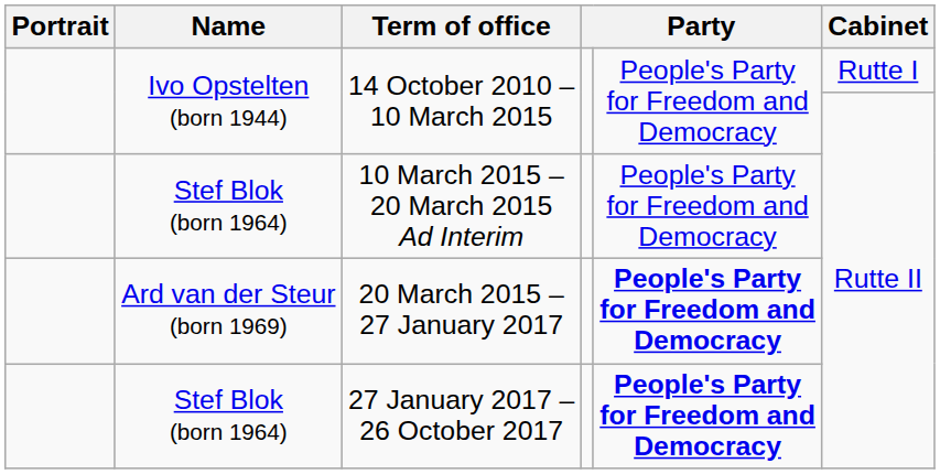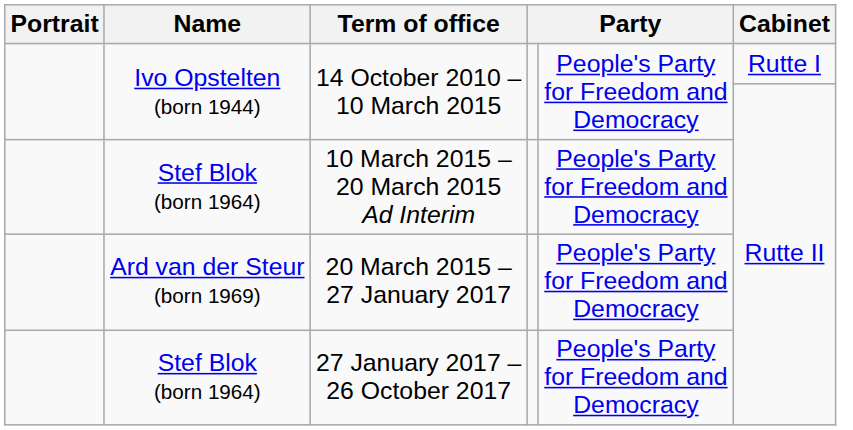 <table class="wikitable" style="text-align:center">
 <tr>
 <th>Portrait</th>
 <th>Name</th>
 <th>Term of office</th>
 <th colspan=2>Party</th>
 <th>Cabinet</th>
 </tr>
 <tr>
 <td rowspan=2></td>
 <td rowspan=2><a href='#'>Ivo Opstelten</a> <br> <small>(born 1944)</small></td>
 <td rowspan=2>14 October 2010 – <br> 10 March 2015</td>
 <td rowspan=2 style="background:"></td>
 <td rowspan=2><a href='#'>People's Party <br> for Freedom and <br> Democracy</a></td>
 <td><a href='#'>Rutte I</a> <br></td>
 </tr>
 <tr>
 <td rowspan=4><a href='#'>Rutte II</a> <br></td>
 </tr>
 <tr>
 <td></td>
 <td><a href='#'>Stef Blok</a> <br> <small>(born 1964)</small></td>
 <td>10 March 2015 – <br> 20 March 2015 <br> <em>Ad Interim</em></td>
 <td style="background:"></td>
 <td><a href='#'>People's Party <br> for Freedom and <br> Democracy</a></td>
 </tr>
 <tr>
 <td></td>
 <td><a href='#'>Ard van der Steur</a> <br> <small>(born 1969)</small></td>
 <td>20 March 2015 – <br> 27 January 2017</td>
 <td style="background:"></td>
-<td><strong><a href='#'>People's Party <br> for Freedom and <br> Democracy</a></strong></td>
+<td><a href='#'>People's Party <br> for Freedom and <br> Democracy</a></td>
 </tr>
 <tr>
 <td></td>
 <td><a href='#'>Stef Blok</a> <br> <small>(born 1964)</small></td>
 <td>27 January 2017 – <br> 26 October 2017</td>
 <td style="background:"></td>
-<td><strong><a href='#'>People's Party <br> for Freedom and <br> Democracy</a></strong></td>
+<td><a href='#'>People's Party <br> for Freedom and <br> Democracy</a></td>
 </tr>
 </table>
